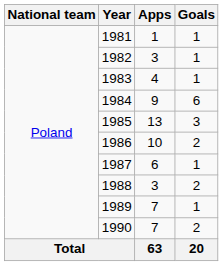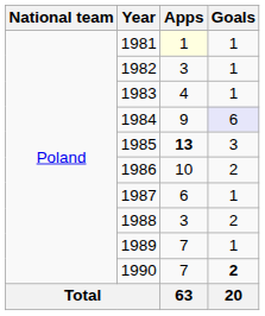 <table class="wikitable" style="text-align:center">
 <tr>
 <th>National team</th>
 <th>Year</th>
 <th>Apps</th>
 <th>Goals</th>
 </tr>
 <tr>
 <td rowspan="10"><a href='#'>Poland</a></td>
 <td>1981</td>
-<td>1</td>
+<td style="background: lightyellow;">1</td>
 <td>1</td>
 </tr>
 <tr>
 <td>1982</td>
 <td>3</td>
 <td>1</td>
 </tr>
 <tr>
 <td>1983</td>
 <td>4</td>
 <td>1</td>
 </tr>
 <tr>
 <td>1984</td>
 <td>9</td>
-<td>6</td>
+<td style="background: lavender;">6</td>
 </tr>
 <tr>
 <td>1985</td>
-<td>13</td>
+<td><strong>13</strong></td>
 <td>3</td>
 </tr>
 <tr>
 <td>1986</td>
 <td>10</td>
 <td>2</td>
 </tr>
 <tr>
 <td>1987</td>
 <td>6</td>
 <td>1</td>
 </tr>
 <tr>
 <td>1988</td>
 <td>3</td>
 <td>2</td>
 </tr>
 <tr>
 <td>1989</td>
 <td>7</td>
 <td>1</td>
 </tr>
 <tr>
 <td>1990</td>
 <td>7</td>
-<td>2</td>
+<td><strong>2</strong></td>
 </tr>
 <tr>
 <th colspan="2">Total</th>
 <th>63</th>
 <th>20</th>
 </tr>
 </table>
